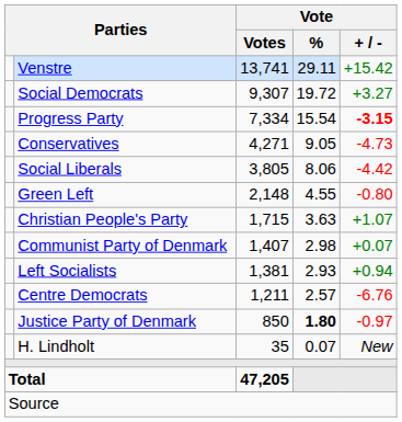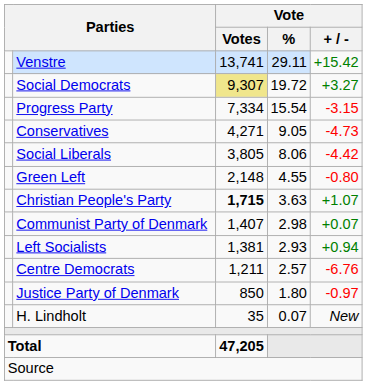 <table class="wikitable" style="text-align:right;">
 <tr>
 <th style="text-align:centre;" rowspan="2" colspan="2" width="225">Parties</th>
 <th colspan="3">Vote</th>
 </tr>
 <tr>
 <th width="15">Votes</th>
 <th width="15">%</th>
 <th width="15">+ / -</th>
 </tr>
 <tr>
 <td width="2" style="color:inherit;background:"></td>
 <td bgcolor=#cfe5fe  align="left"><a href='#'>Venstre</a></td>
 <td bgcolor=#cfe5fe>13,741</td>
 <td bgcolor=#cfe5fe>29.11</td>
 <td style=color:green;>+15.42</td>
 </tr>
 <tr>
 <td width="2" style="color:inherit;background:"></td>
 <td align="left"><a href='#'>Social Democrats</a></td>
-<td>9,307</td>
+<td style="background: khaki;">9,307</td>
 <td>19.72</td>
 <td style=color:green;>+3.27</td>
 </tr>
 <tr>
 <td width="2" style="color:inherit;background:"></td>
 <td align="left"><a href='#'>Progress Party</a></td>
 <td>7,334</td>
 <td>15.54</td>
-<td style=color:red;><strong>-3.15</strong></td>
+<td style=color:red;>-3.15</td>
 </tr>
 <tr>
 <td width="2" style="color:inherit;background:"></td>
 <td align="left"><a href='#'>Conservatives</a></td>
 <td>4,271</td>
 <td>9.05</td>
 <td style=color:red;>-4.73</td>
 </tr>
 <tr>
 <td width="2" style="color:inherit;background:"></td>
 <td align="left"><a href='#'>Social Liberals</a></td>
 <td>3,805</td>
 <td>8.06</td>
 <td style=color:red;>-4.42</td>
 </tr>
 <tr>
 <td width="2" style="color:inherit;background:"></td>
 <td align="left"><a href='#'>Green Left</a></td>
 <td>2,148</td>
 <td>4.55</td>
 <td style=color:red;>-0.80</td>
 </tr>
 <tr>
 <td width="2" style="color:inherit;background:"></td>
 <td align="left"><a href='#'>Christian People's Party</a></td>
-<td>1,715</td>
+<td><strong>1,715</strong></td>
 <td>3.63</td>
 <td style=color:green;>+1.07</td>
 </tr>
 <tr>
 <td width="2" style="color:inherit;background:"></td>
 <td align="left"><a href='#'>Communist Party of Denmark</a></td>
 <td>1,407</td>
 <td>2.98</td>
 <td style=color:green;>+0.07</td>
 </tr>
 <tr>
 <td width="2" style="color:inherit;background:"></td>
 <td align="left"><a href='#'>Left Socialists</a></td>
 <td>1,381</td>
 <td>2.93</td>
 <td style=color:green;>+0.94</td>
 </tr>
 <tr>
 <td width="2" style="color:inherit;background:"></td>
 <td align="left"><a href='#'>Centre Democrats</a></td>
 <td>1,211</td>
 <td>2.57</td>
 <td style=color:red;>-6.76</td>
 </tr>
 <tr>
 <td width="2" style="color:inherit;background:"></td>
 <td align="left"><a href='#'>Justice Party of Denmark</a></td>
 <td>850</td>
-<td><strong>1.80</strong></td>
+<td>1.80</td>
 <td style=color:red;>-0.97</td>
 </tr>
 <tr>
 <td width="2" style="color:inherit;background:"></td>
 <td align="left">H. Lindholt</td>
 <td>35</td>
 <td>0.07</td>
 <td><em>New</em></td>
 </tr>
 <tr>
 <td colspan="7" bgcolor="#E9E9E9"></td>
 </tr>
 <tr>
 <td align="left" colspan="2"><strong>Total</strong></td>
 <td><strong>47,205</strong></td>
 <td bgcolor="#E9E9E9" colspan="2"></td>
 </tr>
 <tr>
 <td align="left" colspan="6">Source</td>
 </tr>
 </table>
